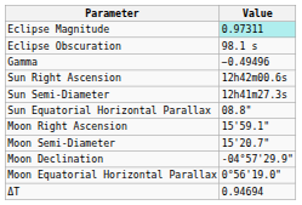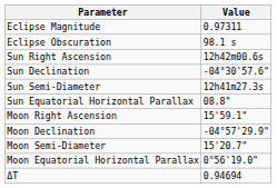 <table class="wikitable">
 <tr>
 <th>Parameter</th>
 <th>Value</th>
 </tr>
 <tr>
 <td>Eclipse Magnitude</td>
-<td style="background: paleturquoise;">0.97311</td>
+<td>0.97311</td>
 </tr>
 <tr>
 <td>Eclipse Obscuration</td>
 <td>98.1 s</td>
 </tr>
 <tr>
-<td>Gamma</td>
-<td>−0.49496</td>
+<td>Sun Right Ascension</td>
+<td>12h42m00.6s</td>
 </tr>
 <tr>
-<td>Sun Right Ascension</td>
-<td>12h42m00.6s</td>
+<td>Sun Declination</td>
+<td>-04°30'57.6"</td>
 </tr>
 <tr>
 <td>Sun Semi-Diameter</td>
 <td>12h41m27.3s</td>
 </tr>
 <tr>
 <td>Sun Equatorial Horizontal Parallax</td>
 <td>08.8"</td>
 </tr>
 <tr>
 <td>Moon Right Ascension</td>
 <td>15'59.1"</td>
 </tr>
 <tr>
+<td>Moon Declination</td>
+<td>-04°57'29.9"</td>
+</tr>
+<tr>
 <td>Moon Semi-Diameter</td>
 <td>15'20.7"</td>
-</tr>
-<tr>
-<td>Moon Declination</td>
-<td>-04°57'29.9"</td>
 </tr>
 <tr>
 <td>Moon Equatorial Horizontal Parallax</td>
 <td>0°56'19.0"</td>
 </tr>
 <tr>
 <td>ΔT</td>
 <td>0.94694</td>
 </tr>
 </table>
